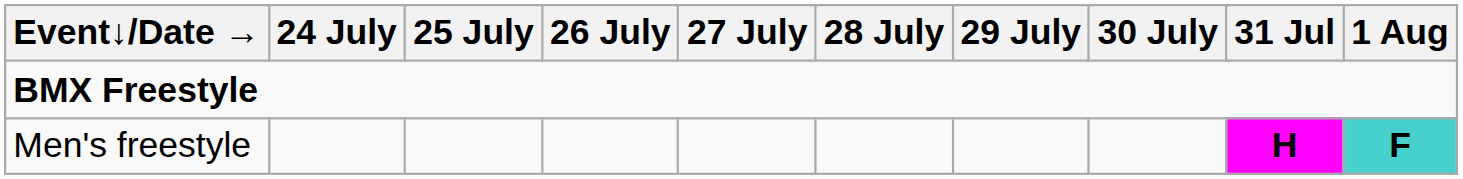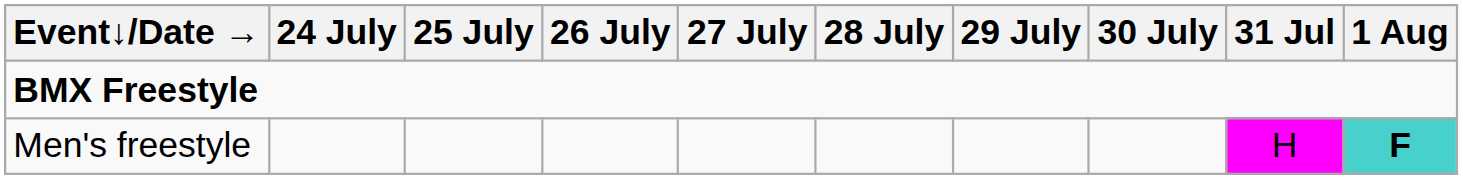 <table class="wikitable olympic-schedule cycling">
 <tr>
 <th>Event↓/Date →</th>
 <th>24 July</th>
 <th>25 July</th>
 <th>26 July</th>
 <th>27 July</th>
 <th>28 July</th>
 <th>29 July</th>
 <th colspan="2">30 July</th>
 <th>31 Jul</th>
 <th>1 Aug</th>
 </tr>
 <tr>
 <td colspan="11" class="event"><strong>BMX Freestyle</strong></td>
 </tr>
 <tr>
 <td class="event">Men's freestyle</td>
 <td></td>
 <td></td>
 <td></td>
 <td></td>
 <td></td>
 <td></td>
 <td colspan="2"></td>
-<td bgcolor="#FF00FF" align=center class="heat"><strong>H</strong></td>
+<td bgcolor="#FF00FF" align=center class="heat">H</td>
 <td bgcolor="#48D1CC" align=center class="finals"><strong>F</strong></td>
 </tr>
 </table>
